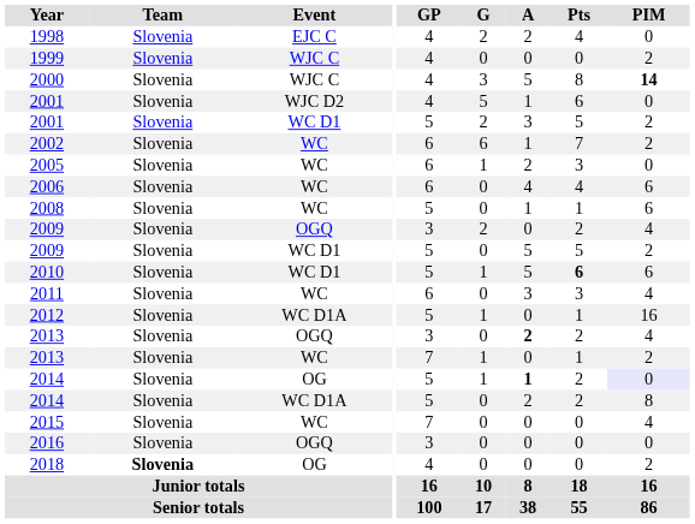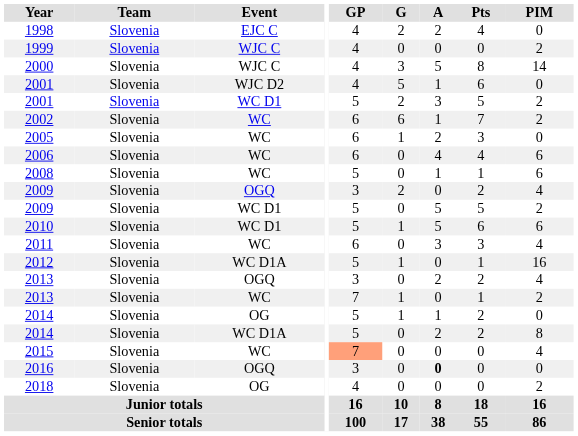 <table border="0" cellpadding="1" cellspacing="0" ID="Table3" style="text-align:center; width:40em">
 <tr ALIGN="center" bgcolor="#e0e0e0">
 <th>Year</th>
 <th>Team</th>
 <th>Event</th>
 <th rowspan="99" bgcolor="#ffffff"></th>
 <th>GP</th>
 <th>G</th>
 <th>A</th>
 <th>Pts</th>
 <th>PIM</th>
 </tr>
 <tr>
 <td><a href='#'>1998</a></td>
 <td><a href='#'>Slovenia</a></td>
 <td><a href='#'>EJC C</a></td>
 <td>4</td>
 <td>2</td>
 <td>2</td>
 <td>4</td>
 <td>0</td>
 </tr>
 <tr bgcolor="#f0f0f0">
 <td><a href='#'>1999</a></td>
 <td><a href='#'>Slovenia</a></td>
 <td><a href='#'>WJC C</a></td>
 <td>4</td>
 <td>0</td>
 <td>0</td>
 <td>0</td>
 <td>2</td>
 </tr>
 <tr>
 <td><a href='#'>2000</a></td>
 <td>Slovenia</td>
 <td>WJC C</td>
 <td>4</td>
 <td>3</td>
 <td>5</td>
 <td>8</td>
-<td><strong>14</strong></td>
+<td>14</td>
 </tr>
 <tr bgcolor="#f0f0f0">
 <td><a href='#'>2001</a></td>
 <td>Slovenia</td>
 <td>WJC D2</td>
 <td>4</td>
 <td>5</td>
 <td>1</td>
 <td>6</td>
 <td>0</td>
 </tr>
 <tr>
 <td><a href='#'>2001</a></td>
 <td><a href='#'>Slovenia</a></td>
 <td><a href='#'>WC D1</a></td>
 <td>5</td>
 <td>2</td>
 <td>3</td>
 <td>5</td>
 <td>2</td>
 </tr>
 <tr bgcolor="#f0f0f0">
 <td><a href='#'>2002</a></td>
 <td>Slovenia</td>
 <td><a href='#'>WC</a></td>
 <td>6</td>
 <td>6</td>
 <td>1</td>
 <td>7</td>
 <td>2</td>
 </tr>
 <tr>
 <td><a href='#'>2005</a></td>
 <td>Slovenia</td>
 <td>WC</td>
 <td>6</td>
 <td>1</td>
 <td>2</td>
 <td>3</td>
 <td>0</td>
 </tr>
 <tr bgcolor="#f0f0f0">
 <td><a href='#'>2006</a></td>
 <td>Slovenia</td>
 <td>WC</td>
 <td>6</td>
 <td>0</td>
 <td>4</td>
 <td>4</td>
 <td>6</td>
 </tr>
 <tr>
 <td><a href='#'>2008</a></td>
 <td>Slovenia</td>
 <td>WC</td>
 <td>5</td>
 <td>0</td>
 <td>1</td>
 <td>1</td>
 <td>6</td>
 </tr>
 <tr bgcolor="#f0f0f0">
 <td><a href='#'>2009</a></td>
 <td>Slovenia</td>
 <td><a href='#'>OGQ</a></td>
 <td>3</td>
 <td>2</td>
 <td>0</td>
 <td>2</td>
 <td>4</td>
 </tr>
 <tr>
 <td><a href='#'>2009</a></td>
 <td>Slovenia</td>
 <td>WC D1</td>
 <td>5</td>
 <td>0</td>
 <td>5</td>
 <td>5</td>
 <td>2</td>
 </tr>
 <tr bgcolor="#f0f0f0">
 <td><a href='#'>2010</a></td>
 <td>Slovenia</td>
 <td>WC D1</td>
 <td>5</td>
 <td>1</td>
 <td>5</td>
-<td><strong>6</strong></td>
+<td>6</td>
 <td>6</td>
 </tr>
 <tr>
 <td><a href='#'>2011</a></td>
 <td>Slovenia</td>
 <td>WC</td>
 <td>6</td>
 <td>0</td>
 <td>3</td>
 <td>3</td>
 <td>4</td>
 </tr>
 <tr bgcolor="#f0f0f0">
 <td><a href='#'>2012</a></td>
 <td>Slovenia</td>
 <td>WC D1A</td>
 <td>5</td>
 <td>1</td>
 <td>0</td>
 <td>1</td>
 <td>16</td>
 </tr>
 <tr>
 <td><a href='#'>2013</a></td>
 <td>Slovenia</td>
 <td>OGQ</td>
 <td>3</td>
 <td>0</td>
-<td><strong>2</strong></td>
+<td>2</td>
 <td>2</td>
 <td>4</td>
 </tr>
 <tr bgcolor="#f0f0f0">
 <td><a href='#'>2013</a></td>
 <td>Slovenia</td>
 <td>WC</td>
 <td>7</td>
 <td>1</td>
 <td>0</td>
 <td>1</td>
 <td>2</td>
 </tr>
 <tr>
 <td><a href='#'>2014</a></td>
 <td>Slovenia</td>
 <td>OG</td>
 <td>5</td>
 <td>1</td>
-<td><strong>1</strong></td>
+<td>1</td>
 <td>2</td>
-<td style="background: lavender;">0</td>
+<td>0</td>
 </tr>
 <tr bgcolor="#f0f0f0">
 <td><a href='#'>2014</a></td>
 <td>Slovenia</td>
 <td>WC D1A</td>
 <td>5</td>
 <td>0</td>
 <td>2</td>
 <td>2</td>
 <td>8</td>
 </tr>
 <tr>
 <td><a href='#'>2015</a></td>
 <td>Slovenia</td>
 <td>WC</td>
-<td>7</td>
+<td style="background: lightsalmon;">7</td>
 <td>0</td>
 <td>0</td>
 <td>0</td>
 <td>4</td>
 </tr>
 <tr bgcolor="#f0f0f0">
 <td><a href='#'>2016</a></td>
 <td>Slovenia</td>
 <td>OGQ</td>
 <td>3</td>
 <td>0</td>
-<td>0</td>
+<td><strong>0</strong></td>
 <td>0</td>
 <td>0</td>
 </tr>
 <tr>
 <td><a href='#'>2018</a></td>
-<td><strong>Slovenia</strong></td>
+<td>Slovenia</td>
 <td>OG</td>
 <td>4</td>
 <td>0</td>
 <td>0</td>
 <td>0</td>
 <td>2</td>
 </tr>
 <tr bgcolor="#e0e0e0">
 <th colspan=3>Junior totals</th>
 <th>16</th>
 <th>10</th>
 <th>8</th>
 <th>18</th>
 <th>16</th>
 </tr>
 <tr bgcolor="#e0e0e0">
 <th colspan=3>Senior totals</th>
 <th>100</th>
 <th>17</th>
 <th>38</th>
 <th>55</th>
 <th>86</th>
 </tr>
 </table>
